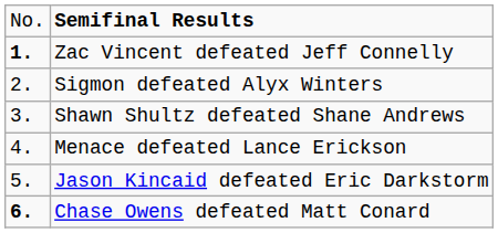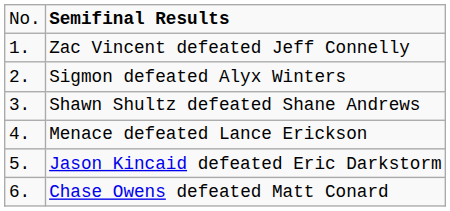 <table class="wikitable">
 <tr>
 <td>No.</td>
 <td><strong>Semifinal Results</strong></td>
 </tr>
 <tr>
-<td><strong>1.</strong></td>
+<td>1.</td>
 <td>Zac Vincent defeated Jeff Connelly</td>
 </tr>
 <tr>
 <td>2.</td>
 <td>Sigmon defeated Alyx Winters</td>
 </tr>
 <tr>
 <td>3.</td>
 <td>Shawn Shultz defeated Shane Andrews</td>
 </tr>
 <tr>
 <td>4.</td>
 <td>Menace defeated Lance Erickson</td>
 </tr>
 <tr>
 <td>5.</td>
 <td><a href='#'>Jason Kincaid</a> defeated Eric Darkstorm</td>
 </tr>
 <tr>
-<td><strong>6.</strong></td>
+<td>6.</td>
 <td><a href='#'>Chase Owens</a> defeated Matt Conard</td>
 </tr>
 </table>
